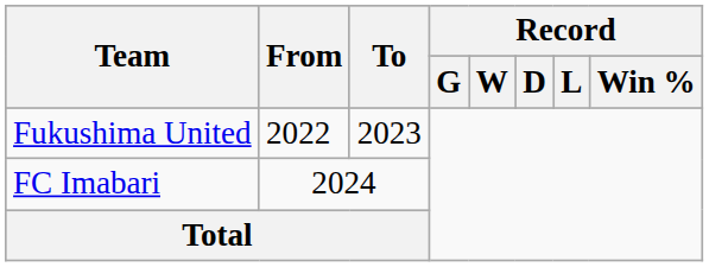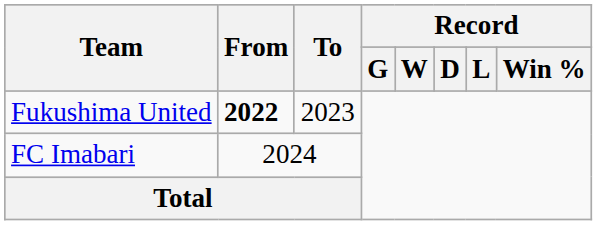 <table class="wikitable" style="text-align: center">
 <tr>
 <th rowspan="2">Team</th>
 <th rowspan="2">From</th>
 <th rowspan="2">To</th>
 <th colspan="5">Record</th>
 </tr>
 <tr>
 <th>G</th>
 <th>W</th>
 <th>D</th>
 <th>L</th>
 <th>Win %</th>
 </tr>
 <tr>
 <td align="left"><a href='#'>Fukushima United</a></td>
-<td align="left">2022</td>
+<td align="left"><strong>2022</strong></td>
 <td align="left">2023<br></td>
 </tr>
 <tr>
 <td align="left"><a href='#'>FC Imabari</a></td>
 <td colspan="2" align="center">2024<br></td>
 </tr>
 <tr>
 <th colspan="3">Total<br></th>
 </tr>
 </table>
